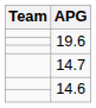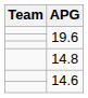 <table class=wikitable>
 <tr>
 <th>Team</th>
 <th>APG</th>
 </tr>
 <tr>
 <td></td>
 <td align=center rowspan=3>19.6</td>
 </tr>
 <tr>
 <td></td>
 </tr>
 <tr>
 <td></td>
 </tr>
 <tr>
 <td></td>
-<td align=center>14.7</td>
+<td align=center>14.8</td>
 </tr>
 <tr>
 <td></td>
 <td align=center rowspan=2>14.6</td>
 </tr>
 <tr>
 <td></td>
 </tr>
 </table>
